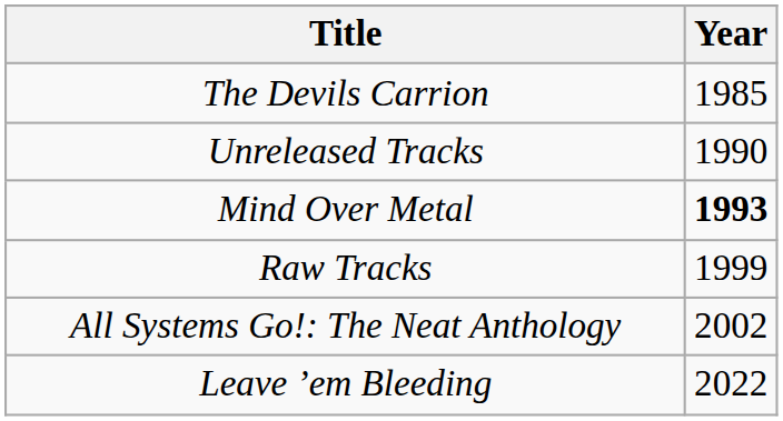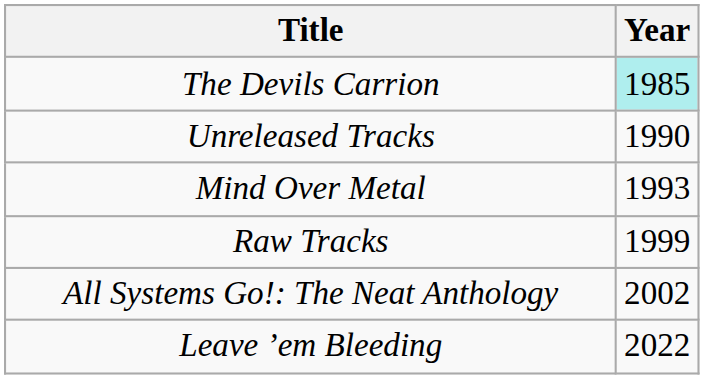 <table class="wikitable plainrowheaders" style="text-align:center;">
 <tr>
 <th scope="col" style="width:18em;">Title</th>
 <th scope="col">Year</th>
 </tr>
 <tr>
 <td><em>The Devils Carrion</em></td>
-<td>1985</td>
+<td style="background: paleturquoise;">1985</td>
 </tr>
 <tr>
 <td><em>Unreleased Tracks</em></td>
 <td>1990</td>
 </tr>
 <tr>
 <td><em>Mind Over Metal</em></td>
-<td><strong>1993</strong></td>
+<td>1993</td>
 </tr>
 <tr>
 <td><em>Raw Tracks</em></td>
 <td>1999</td>
 </tr>
 <tr>
 <td><em>All Systems Go!: The Neat Anthology</em></td>
 <td>2002</td>
 </tr>
 <tr>
 <td><em>Leave ’em Bleeding</em></td>
 <td>2022</td>
 </tr>
 </table>
